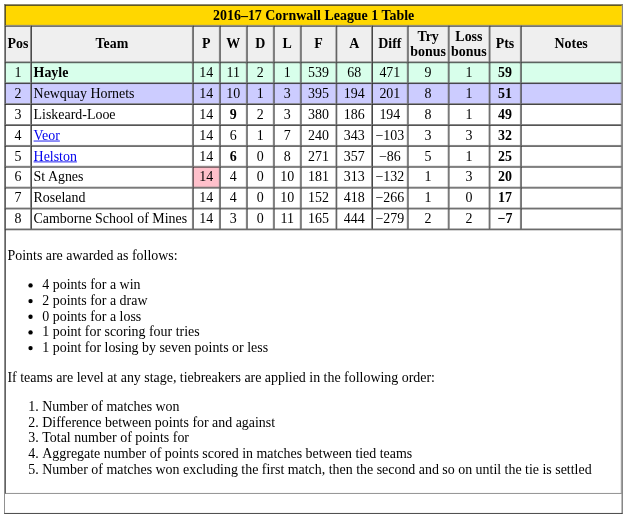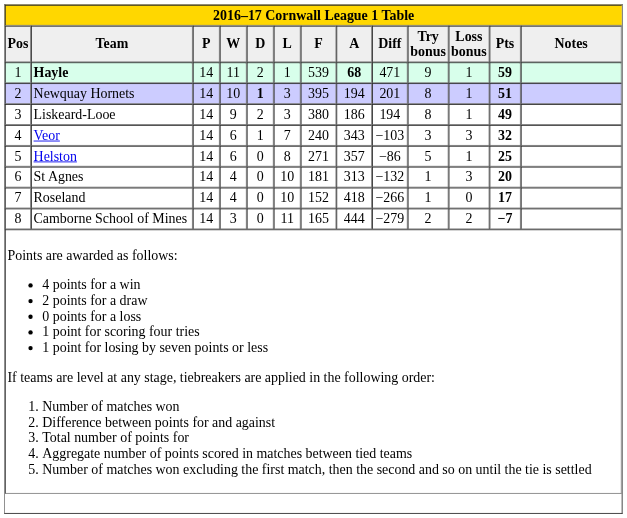 <table border="1" cellpadding="2" cellspacing="0">
 <tr bgcolor="gold">
 <th colspan=13 style="border-right:0px;";>2016–17 Cornwall League 1 Table</th>
 </tr>
 <tr bgcolor="#efefef">
 <th width="20">Pos</th>
 <th width="180">Team</th>
 <th width="25">P</th>
 <th width="25">W</th>
 <th width="25">D</th>
 <th width="25">L</th>
 <th width="35">F</th>
 <th width="35">A</th>
 <th width="35">Diff</th>
 <th width="35">Try bonus</th>
 <th width="35">Loss bonus</th>
 <th width="30">Pts</th>
 <th width="110">Notes</th>
 </tr>
 <tr bgcolor=#d8ffeb align=center>
 <td>1</td>
 <td align=left><strong>Hayle</strong></td>
 <td>14</td>
 <td>11</td>
 <td>2</td>
 <td>1</td>
 <td>539</td>
-<td>68</td>
+<td><strong>68</strong></td>
 <td>471</td>
 <td>9</td>
 <td>1</td>
 <td><strong>59</strong></td>
 <td></td>
 </tr>
 <tr style="background-color:#ccccff;" align=center>
 <td>2</td>
 <td align=left>Newquay Hornets</td>
 <td>14</td>
 <td>10</td>
-<td>1</td>
+<td><strong>1</strong></td>
 <td>3</td>
 <td>395</td>
 <td>194</td>
 <td>201</td>
 <td>8</td>
 <td>1</td>
 <td><strong>51</strong></td>
 <td></td>
 </tr>
 <tr align=center>
 <td>3</td>
 <td align=left>Liskeard-Looe</td>
 <td>14</td>
-<td><strong>9</strong></td>
+<td>9</td>
 <td>2</td>
 <td>3</td>
 <td>380</td>
 <td>186</td>
 <td>194</td>
 <td>8</td>
 <td>1</td>
 <td><strong>49</strong></td>
 <td></td>
 </tr>
 <tr align=center>
 <td>4</td>
 <td align=left><a href='#'>Veor</a></td>
 <td>14</td>
 <td>6</td>
 <td>1</td>
 <td>7</td>
 <td>240</td>
 <td>343</td>
 <td>−103</td>
 <td>3</td>
 <td>3</td>
 <td><strong>32</strong></td>
 <td></td>
 </tr>
 <tr align=center>
 <td>5</td>
 <td align=left><a href='#'>Helston</a></td>
 <td>14</td>
-<td><strong>6</strong></td>
+<td>6</td>
 <td>0</td>
 <td>8</td>
 <td>271</td>
 <td>357</td>
 <td>−86</td>
 <td>5</td>
 <td>1</td>
 <td><strong>25</strong></td>
 <td></td>
 </tr>
 <tr align=center>
 <td>6</td>
 <td align=left>St Agnes</td>
-<td style="background: pink;">14</td>
+<td>14</td>
 <td>4</td>
 <td>0</td>
 <td>10</td>
 <td>181</td>
 <td>313</td>
 <td>−132</td>
 <td>1</td>
 <td>3</td>
 <td><strong>20</strong></td>
 <td></td>
 </tr>
 <tr align=center>
 <td>7</td>
 <td align=left>Roseland</td>
 <td>14</td>
 <td>4</td>
 <td>0</td>
 <td>10</td>
 <td>152</td>
 <td>418</td>
 <td>−266</td>
 <td>1</td>
 <td>0</td>
 <td><strong>17</strong></td>
 <td></td>
 </tr>
 <tr align=center>
 <td>8</td>
 <td align=left>Camborne School of Mines</td>
 <td>14</td>
 <td>3</td>
 <td>0</td>
 <td>11</td>
 <td>165</td>
 <td>444</td>
 <td>−279</td>
 <td>2</td>
 <td>2</td>
 <td><strong>−7</strong></td>
 <td></td>
 </tr>
 <tr align=center>
 </tr>
 <tr bgcolor=#ffffff>
 <td colspan="13"><br>Points are awarded as follows:<ul><li>4 points for a win</li><li>2 points for a draw</li><li>0 points for a loss</li><li>1 point for scoring four tries</li><li>1 point for losing by seven points or less</li></ul>If teams are level at any stage, tiebreakers are applied in the following order:<ol><li>Number of matches won</li><li>Difference between points for and against</li><li>Total number of points for</li><li>Aggregate number of points scored in matches between tied teams</li><li>Number of matches won excluding the first match, then the second and so on until the tie is settled</li></ol></td>
 </tr>
 <tr |align=left|>
 <td colspan="15" style="border:0px"><br></td>
 </tr>
 </table>
